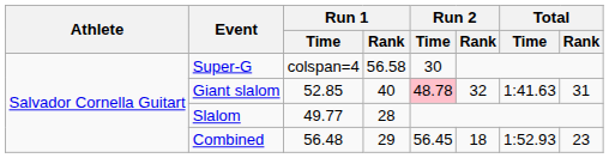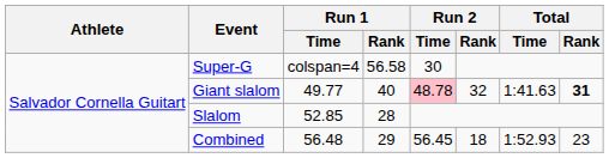 <table class="wikitable" style="font-size:90%">
 <tr>
 <th rowspan=2>Athlete</th>
 <th rowspan=2>Event</th>
 <th colspan=2>Run 1</th>
 <th colspan=2>Run 2</th>
 <th colspan=2>Total</th>
 </tr>
 <tr style="font-size:95%">
 <th>Time</th>
 <th>Rank</th>
 <th>Time</th>
 <th>Rank</th>
 <th>Time</th>
 <th>Rank</th>
 </tr>
 <tr align=center>
 <td align="left" rowspan="4"><a href='#'>Salvador Cornella Guitart</a></td>
 <td align="left"><a href='#'>Super-G</a></td>
 <td>colspan=4 </td>
 <td>56.58</td>
 <td>30</td>
 </tr>
 <tr align=center>
 <td align="left"><a href='#'>Giant slalom</a></td>
-<td>52.85</td>
+<td>49.77</td>
 <td>40</td>
 <td style="background: pink;">48.78</td>
 <td>32</td>
 <td>1:41.63</td>
-<td>31</td>
+<td><strong>31</strong></td>
 </tr>
 <tr align=center>
 <td align="left"><a href='#'>Slalom</a></td>
-<td>49.77</td>
+<td>52.85</td>
 <td>28</td>
 <td colspan=4></td>
 </tr>
 <tr align=center>
 <td align="left"><a href='#'>Combined</a></td>
 <td>56.48</td>
 <td>29</td>
 <td>56.45</td>
 <td>18</td>
 <td>1:52.93</td>
 <td>23</td>
 </tr>
 </table>
